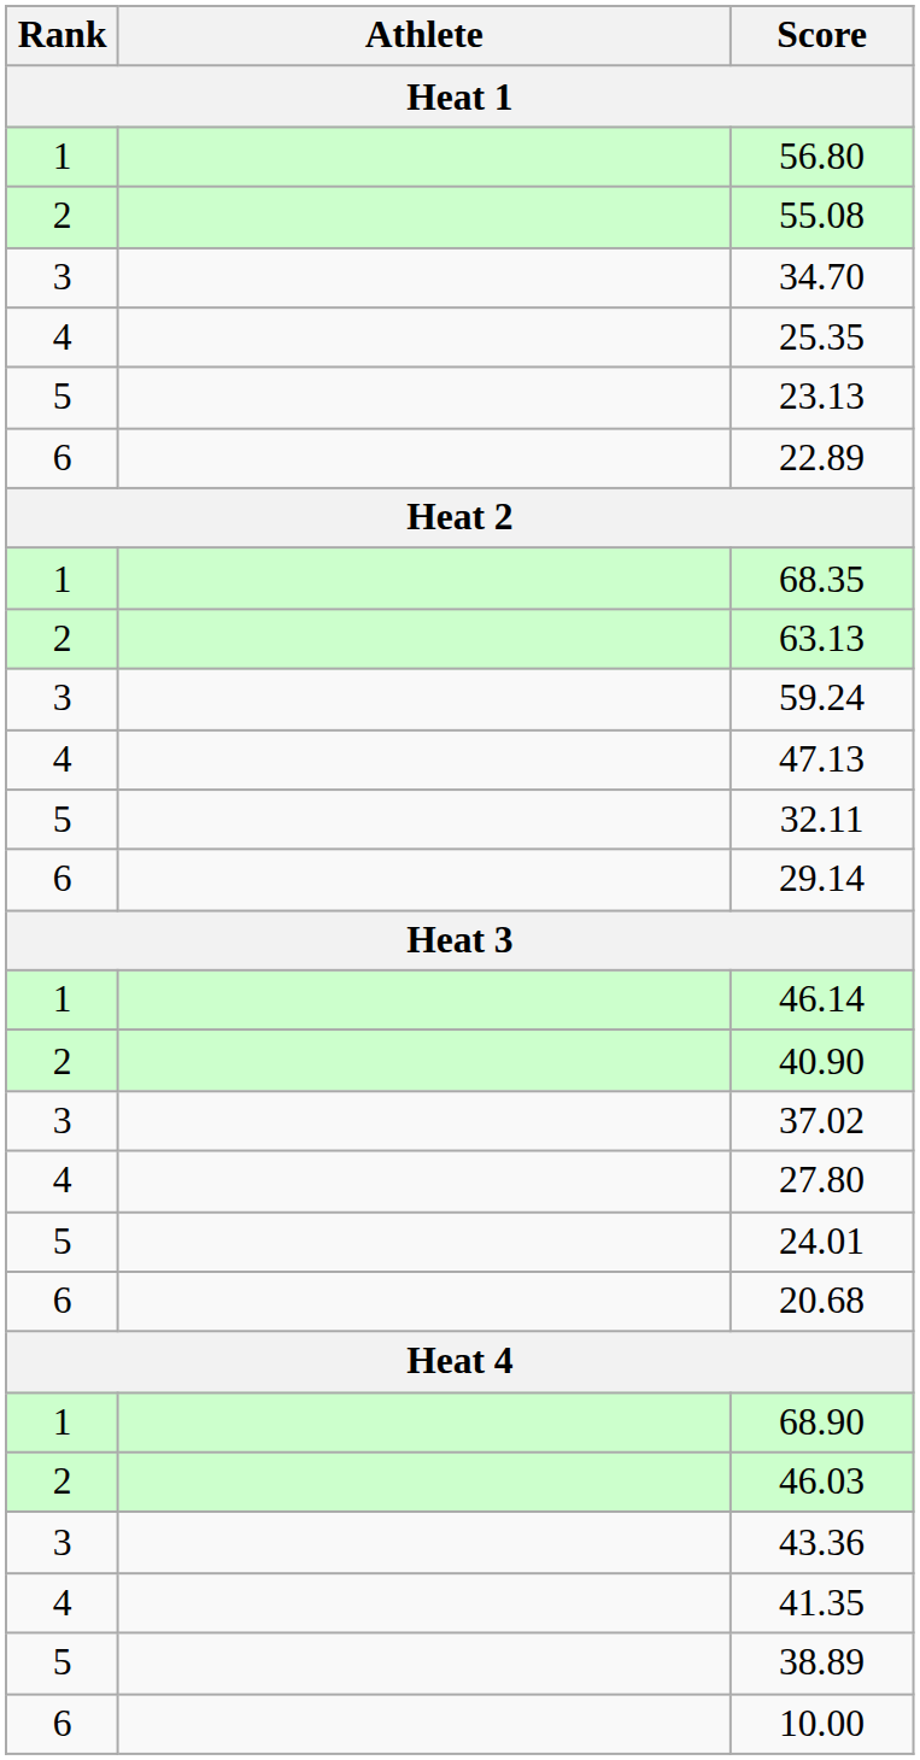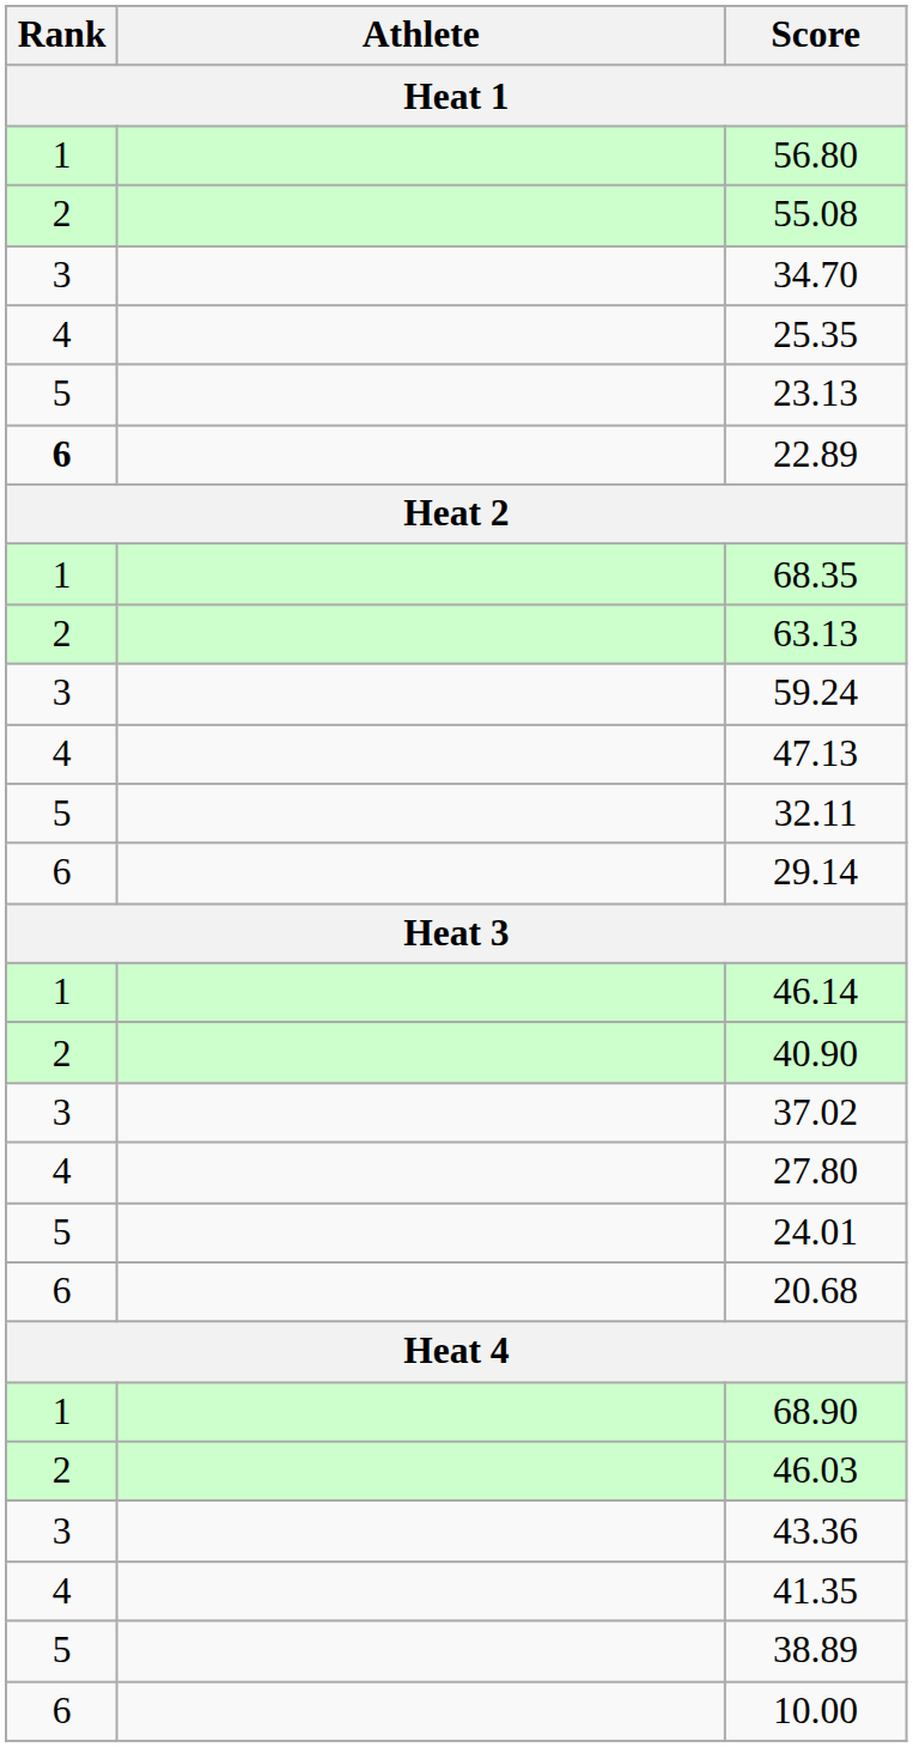 <table class=wikitable style="text-align:center">
 <tr>
 <th width=40>Rank</th>
 <th width=250>Athlete</th>
 <th width=70>Score</th>
 </tr>
 <tr>
 <th colspan=3>Heat 1</th>
 </tr>
 <tr bgcolor="ccffcc">
 <td>1</td>
 <td align=left></td>
 <td>56.80</td>
 </tr>
 <tr bgcolor="ccffcc">
 <td>2</td>
 <td align=left></td>
 <td>55.08</td>
 </tr>
 <tr>
 <td>3</td>
 <td align=left></td>
 <td>34.70</td>
 </tr>
 <tr>
 <td>4</td>
 <td align=left></td>
 <td>25.35</td>
 </tr>
 <tr>
 <td>5</td>
 <td align=left></td>
 <td>23.13</td>
 </tr>
 <tr>
-<td>6</td>
+<td><strong>6</strong></td>
 <td align=left></td>
 <td>22.89</td>
 </tr>
 <tr>
 <th colspan=3>Heat 2</th>
 </tr>
 <tr bgcolor="ccffcc">
 <td>1</td>
 <td align=left></td>
 <td>68.35</td>
 </tr>
 <tr bgcolor="ccffcc">
 <td>2</td>
 <td align=left></td>
 <td>63.13</td>
 </tr>
 <tr>
 <td>3</td>
 <td align=left></td>
 <td>59.24</td>
 </tr>
 <tr>
 <td>4</td>
 <td align=left></td>
 <td>47.13</td>
 </tr>
 <tr>
 <td>5</td>
 <td align=left></td>
 <td>32.11</td>
 </tr>
 <tr>
 <td>6</td>
 <td align=left></td>
 <td>29.14</td>
 </tr>
 <tr>
 <th colspan=3>Heat 3</th>
 </tr>
 <tr bgcolor="ccffcc">
 <td>1</td>
 <td align=left></td>
 <td>46.14</td>
 </tr>
 <tr bgcolor="ccffcc">
 <td>2</td>
 <td align=left></td>
 <td>40.90</td>
 </tr>
 <tr>
 <td>3</td>
 <td align=left></td>
 <td>37.02</td>
 </tr>
 <tr>
 <td>4</td>
 <td align=left></td>
 <td>27.80</td>
 </tr>
 <tr>
 <td>5</td>
 <td align=left></td>
 <td>24.01</td>
 </tr>
 <tr>
 <td>6</td>
 <td align=left></td>
 <td>20.68</td>
 </tr>
 <tr>
 <th colspan=3>Heat 4</th>
 </tr>
 <tr bgcolor="ccffcc">
 <td>1</td>
 <td align=left></td>
 <td>68.90</td>
 </tr>
 <tr bgcolor="ccffcc">
 <td>2</td>
 <td align=left></td>
 <td>46.03</td>
 </tr>
 <tr>
 <td>3</td>
 <td align=left></td>
 <td>43.36</td>
 </tr>
 <tr>
 <td>4</td>
 <td align=left></td>
 <td>41.35</td>
 </tr>
 <tr>
 <td>5</td>
 <td align=left></td>
 <td>38.89</td>
 </tr>
 <tr>
 <td>6</td>
 <td align=left></td>
 <td>10.00</td>
 </tr>
 </table>
